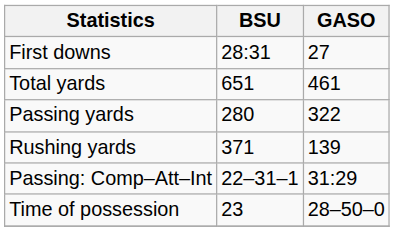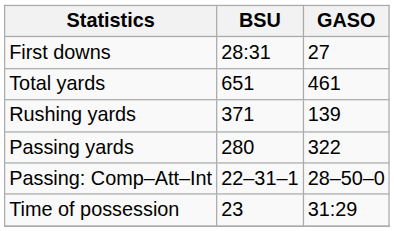 <table class="wikitable" style="float: left;">
 <tr>
 <th>Statistics</th>
 <th>BSU</th>
 <th>GASO</th>
 </tr>
 <tr>
 <td>First downs</td>
 <td>28:31</td>
 <td>27</td>
 </tr>
 <tr>
 <td>Total yards</td>
 <td>651</td>
 <td>461</td>
 </tr>
 <tr>
+<td>Rushing yards</td>
+<td>371</td>
+<td>139</td>
+</tr>
+<tr>
 <td>Passing yards</td>
 <td>280</td>
 <td>322</td>
 </tr>
 <tr>
-<td>Rushing yards</td>
-<td>371</td>
-<td>139</td>
-</tr>
-<tr>
 <td>Passing: Comp–Att–Int</td>
 <td>22–31–1</td>
-<td>31:29</td>
+<td>28–50–0</td>
 </tr>
 <tr>
 <td>Time of possession</td>
 <td>23</td>
-<td>28–50–0</td>
+<td>31:29</td>
 </tr>
 <tr>
 </tr>
 </table>
